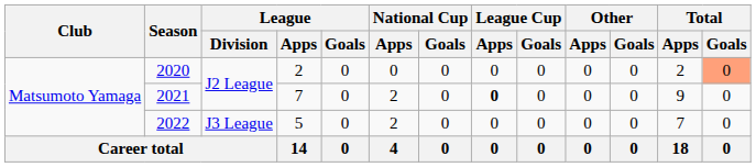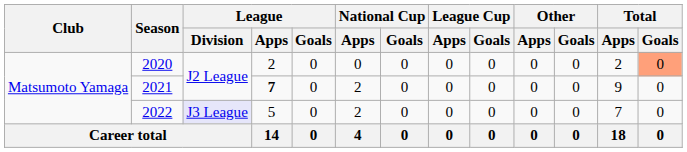 <table class="wikitable" style="text-align: center">
 <tr>
 <th rowspan="2">Club</th>
 <th rowspan="2">Season</th>
 <th colspan="3">League</th>
 <th colspan="2">National Cup</th>
 <th colspan="2">League Cup</th>
 <th colspan="2">Other</th>
 <th colspan="2">Total</th>
 </tr>
 <tr>
 <th>Division</th>
 <th>Apps</th>
 <th>Goals</th>
 <th>Apps</th>
 <th>Goals</th>
 <th>Apps</th>
 <th>Goals</th>
 <th>Apps</th>
 <th>Goals</th>
 <th>Apps</th>
 <th>Goals</th>
 </tr>
 <tr>
 <td rowspan=3><a href='#'>Matsumoto Yamaga</a></td>
 <td><a href='#'>2020</a></td>
 <td rowspan=2><a href='#'>J2 League</a></td>
 <td>2</td>
 <td>0</td>
 <td>0</td>
 <td>0</td>
 <td>0</td>
 <td>0</td>
 <td>0</td>
 <td>0</td>
 <td>2</td>
 <td style="background: lightsalmon;">0</td>
 </tr>
 <tr>
 <td><a href='#'>2021</a></td>
-<td>7</td>
+<td><strong>7</strong></td>
 <td>0</td>
 <td>2</td>
 <td>0</td>
-<td><strong>0</strong></td>
+<td>0</td>
 <td>0</td>
 <td>0</td>
 <td>0</td>
 <td>9</td>
 <td>0</td>
 </tr>
 <tr>
 <td><a href='#'>2022</a></td>
-<td><a href='#'>J3 League</a></td>
+<td style="background: lavender;"><a href='#'>J3 League</a></td>
 <td>5</td>
 <td>0</td>
 <td>2</td>
 <td>0</td>
 <td>0</td>
 <td>0</td>
 <td>0</td>
 <td>0</td>
 <td>7</td>
 <td>0</td>
 </tr>
 <tr>
 <th colspan=3>Career total</th>
 <th>14</th>
 <th>0</th>
 <th>4</th>
 <th>0</th>
 <th>0</th>
 <th>0</th>
 <th>0</th>
 <th>0</th>
 <th>18</th>
 <th>0</th>
 </tr>
 </table>
